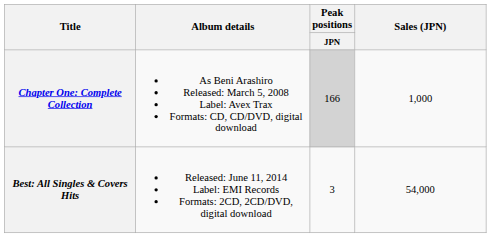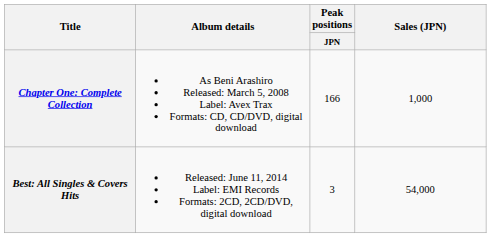 <table class="wikitable plainrowheaders" style="text-align:center;">
 <tr>
 <th style="width:12em;" rowspan="2">Title</th>
 <th style="width:16em;" rowspan="2">Album details</th>
 <th colspan="1">Peak positions</th>
 <th style="width:12em;" rowspan="2">Sales (JPN)</th>
 </tr>
 <tr>
 <th style="width:2.5em;"><small>JPN</small><br></th>
 </tr>
 <tr>
 <th scope="row"><em><a href='#'>Chapter One: Complete Collection</a></em></th>
 <td><br><ul><li>As Beni Arashiro</li><li>Released: March 5, 2008 </li><li>Label: Avex Trax</li><li>Formats: CD, CD/DVD, digital download</li></ul></td>
-<td style="background: lightgrey;">166</td>
+<td>166</td>
 <td>1,000</td>
 </tr>
 <tr>
 <th scope="row"><em>Best: All Singles & Covers Hits</em></th>
 <td><br><ul><li>Released: June 11, 2014 </li><li>Label: EMI Records</li><li>Formats: 2CD, 2CD/DVD, digital download</li></ul></td>
 <td>3</td>
 <td>54,000</td>
 </tr>
 </table>
